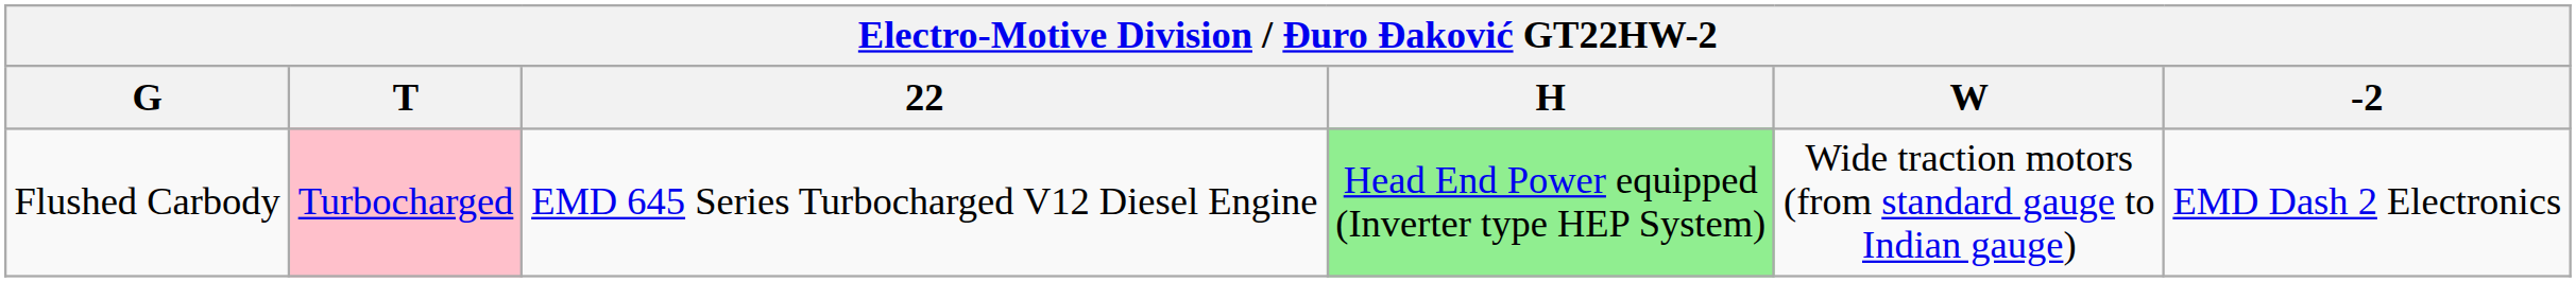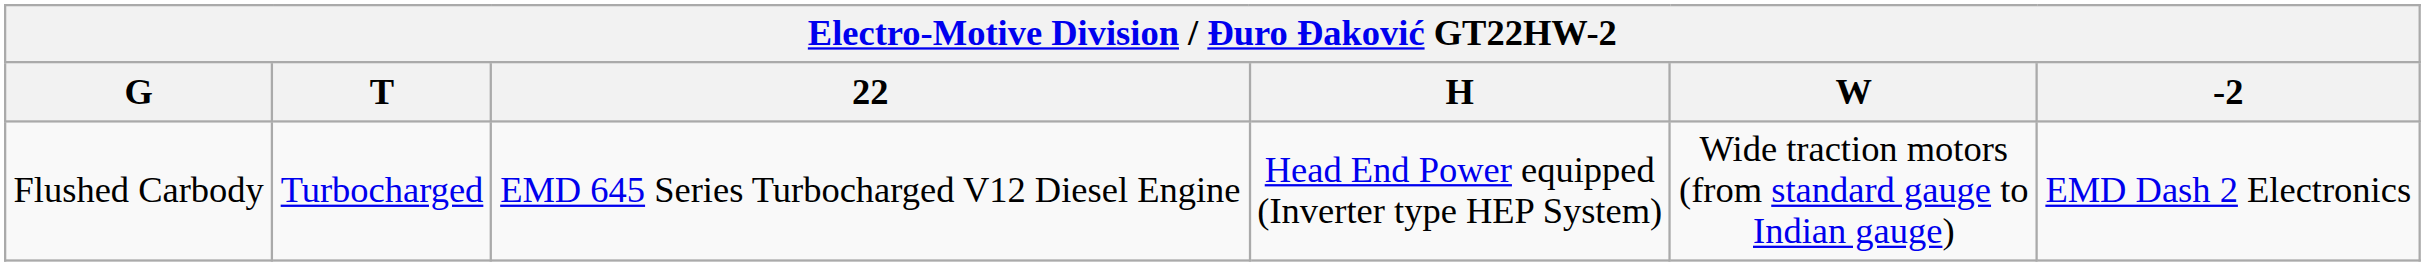 <table class="wikitable">
 <tr>
 <th colspan="6"><a href='#'>Electro-Motive Division</a> / <a href='#'>Đuro Đaković</a> GT22HW-2</th>
 </tr>
 <tr>
 <th>G</th>
 <th>T</th>
 <th>22</th>
 <th>H</th>
 <th>W</th>
 <th>-2</th>
 </tr>
 <tr align="center">
 <td>Flushed Carbody</td>
-<td style="background: pink;"><a href='#'>Turbocharged</a></td>
+<td><a href='#'>Turbocharged</a></td>
 <td><a href='#'>EMD 645</a> Series Turbocharged V12 Diesel Engine</td>
-<td style="background: lightgreen;"><a href='#'>Head End Power</a> equipped<br>(Inverter type HEP System)</td>
+<td><a href='#'>Head End Power</a> equipped<br>(Inverter type HEP System)</td>
 <td>Wide traction motors<br>(from <a href='#'>standard gauge</a> to<br><a href='#'>Indian gauge</a>)</td>
 <td><a href='#'>EMD Dash 2</a> Electronics</td>
 </tr>
 </table>
